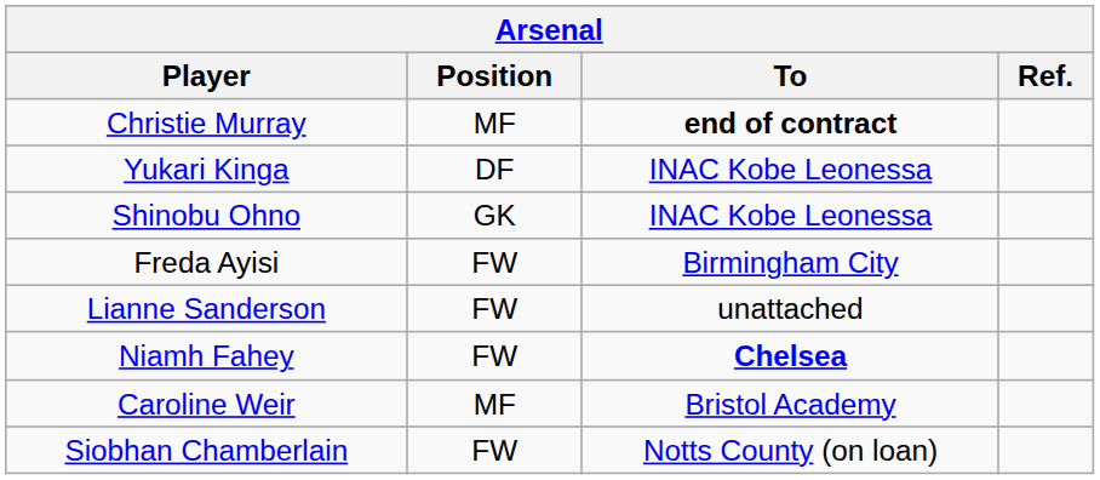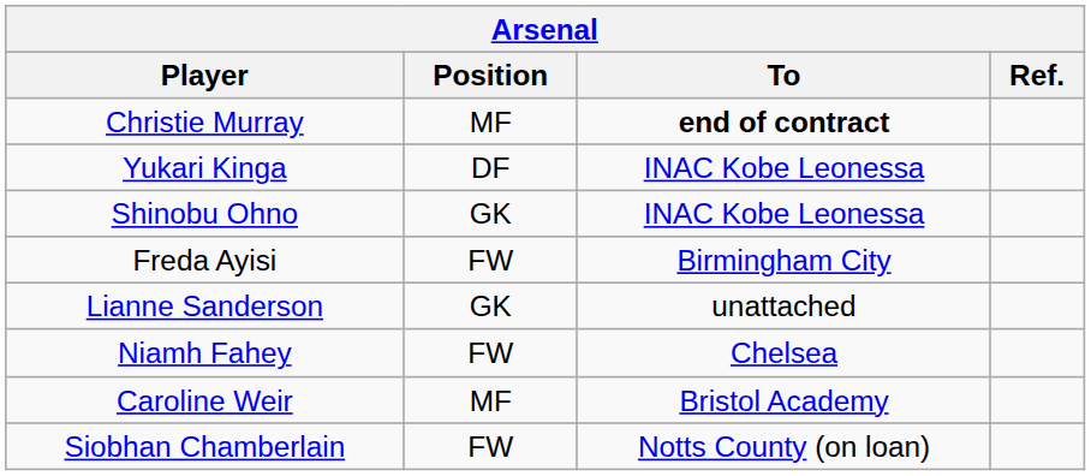 <table class="wikitable sortable collapsible collapsed" style="font-size:95%; text-align: center; width: 90%;">
 <tr>
 <th colspan="4"  style="with:100%; text-align:center;"><strong><a href='#'>Arsenal</a></strong></th>
 </tr>
 <tr>
 <th>Player</th>
 <th>Position</th>
 <th>To</th>
 <th>Ref.</th>
 </tr>
 <tr>
 <td> <a href='#'>Christie Murray</a></td>
 <td>MF</td>
 <td><strong>end of contract</strong></td>
 <td></td>
 </tr>
 <tr>
 <td> <a href='#'>Yukari Kinga</a></td>
 <td>DF</td>
 <td><a href='#'>INAC Kobe Leonessa</a></td>
 <td></td>
 </tr>
 <tr>
 <td> <a href='#'>Shinobu Ohno</a></td>
 <td>GK</td>
 <td><a href='#'>INAC Kobe Leonessa</a></td>
 <td></td>
 </tr>
 <tr>
 <td> Freda Ayisi</td>
 <td>FW</td>
 <td><a href='#'>Birmingham City</a></td>
 <td></td>
 </tr>
 <tr>
 <td> <a href='#'>Lianne Sanderson</a></td>
-<td>FW</td>
+<td>GK</td>
 <td>unattached</td>
 <td></td>
 </tr>
 <tr>
 <td> <a href='#'>Niamh Fahey</a></td>
 <td>FW</td>
-<td><strong><a href='#'>Chelsea</a></strong></td>
+<td><a href='#'>Chelsea</a></td>
 <td></td>
 </tr>
 <tr>
 <td> <a href='#'>Caroline Weir</a></td>
 <td>MF</td>
 <td><a href='#'>Bristol Academy</a></td>
 <td></td>
 </tr>
 <tr>
 <td> <a href='#'>Siobhan Chamberlain</a></td>
 <td>FW</td>
 <td><a href='#'>Notts County</a> (on loan)</td>
 <td></td>
 </tr>
 </table>
